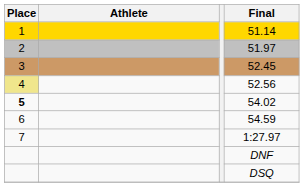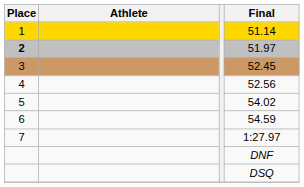 <table class="wikitable" style="text-align:center">
 <tr>
 <th>Place</th>
 <th width=250>Athlete</th>
 <th rowspan=10></th>
 <th width=100>Final</th>
 </tr>
 <tr bgcolor=gold>
 <td>1</td>
 <td align=left></td>
 <td>51.14</td>
 </tr>
 <tr bgcolor=silver>
-<td>2</td>
+<td><strong>2</strong></td>
 <td align=left></td>
 <td>51.97</td>
 </tr>
 <tr bgcolor=cc9966>
 <td>3</td>
 <td align=left></td>
 <td>52.45</td>
 </tr>
 <tr>
-<td style="background: khaki;">4</td>
+<td>4</td>
 <td align=left></td>
 <td>52.56</td>
 </tr>
 <tr>
-<td><strong>5</strong></td>
+<td>5</td>
 <td align=left></td>
 <td>54.02</td>
 </tr>
 <tr>
 <td>6</td>
 <td align=left></td>
 <td>54.59</td>
 </tr>
 <tr>
 <td>7</td>
 <td align=left></td>
 <td>1:27.97</td>
 </tr>
 <tr>
 <td></td>
 <td align=left></td>
 <td><em>DNF</em></td>
 </tr>
 <tr>
 <td></td>
 <td align=left></td>
 <td><em>DSQ</em></td>
 </tr>
 <tr>
 </tr>
 </table>
